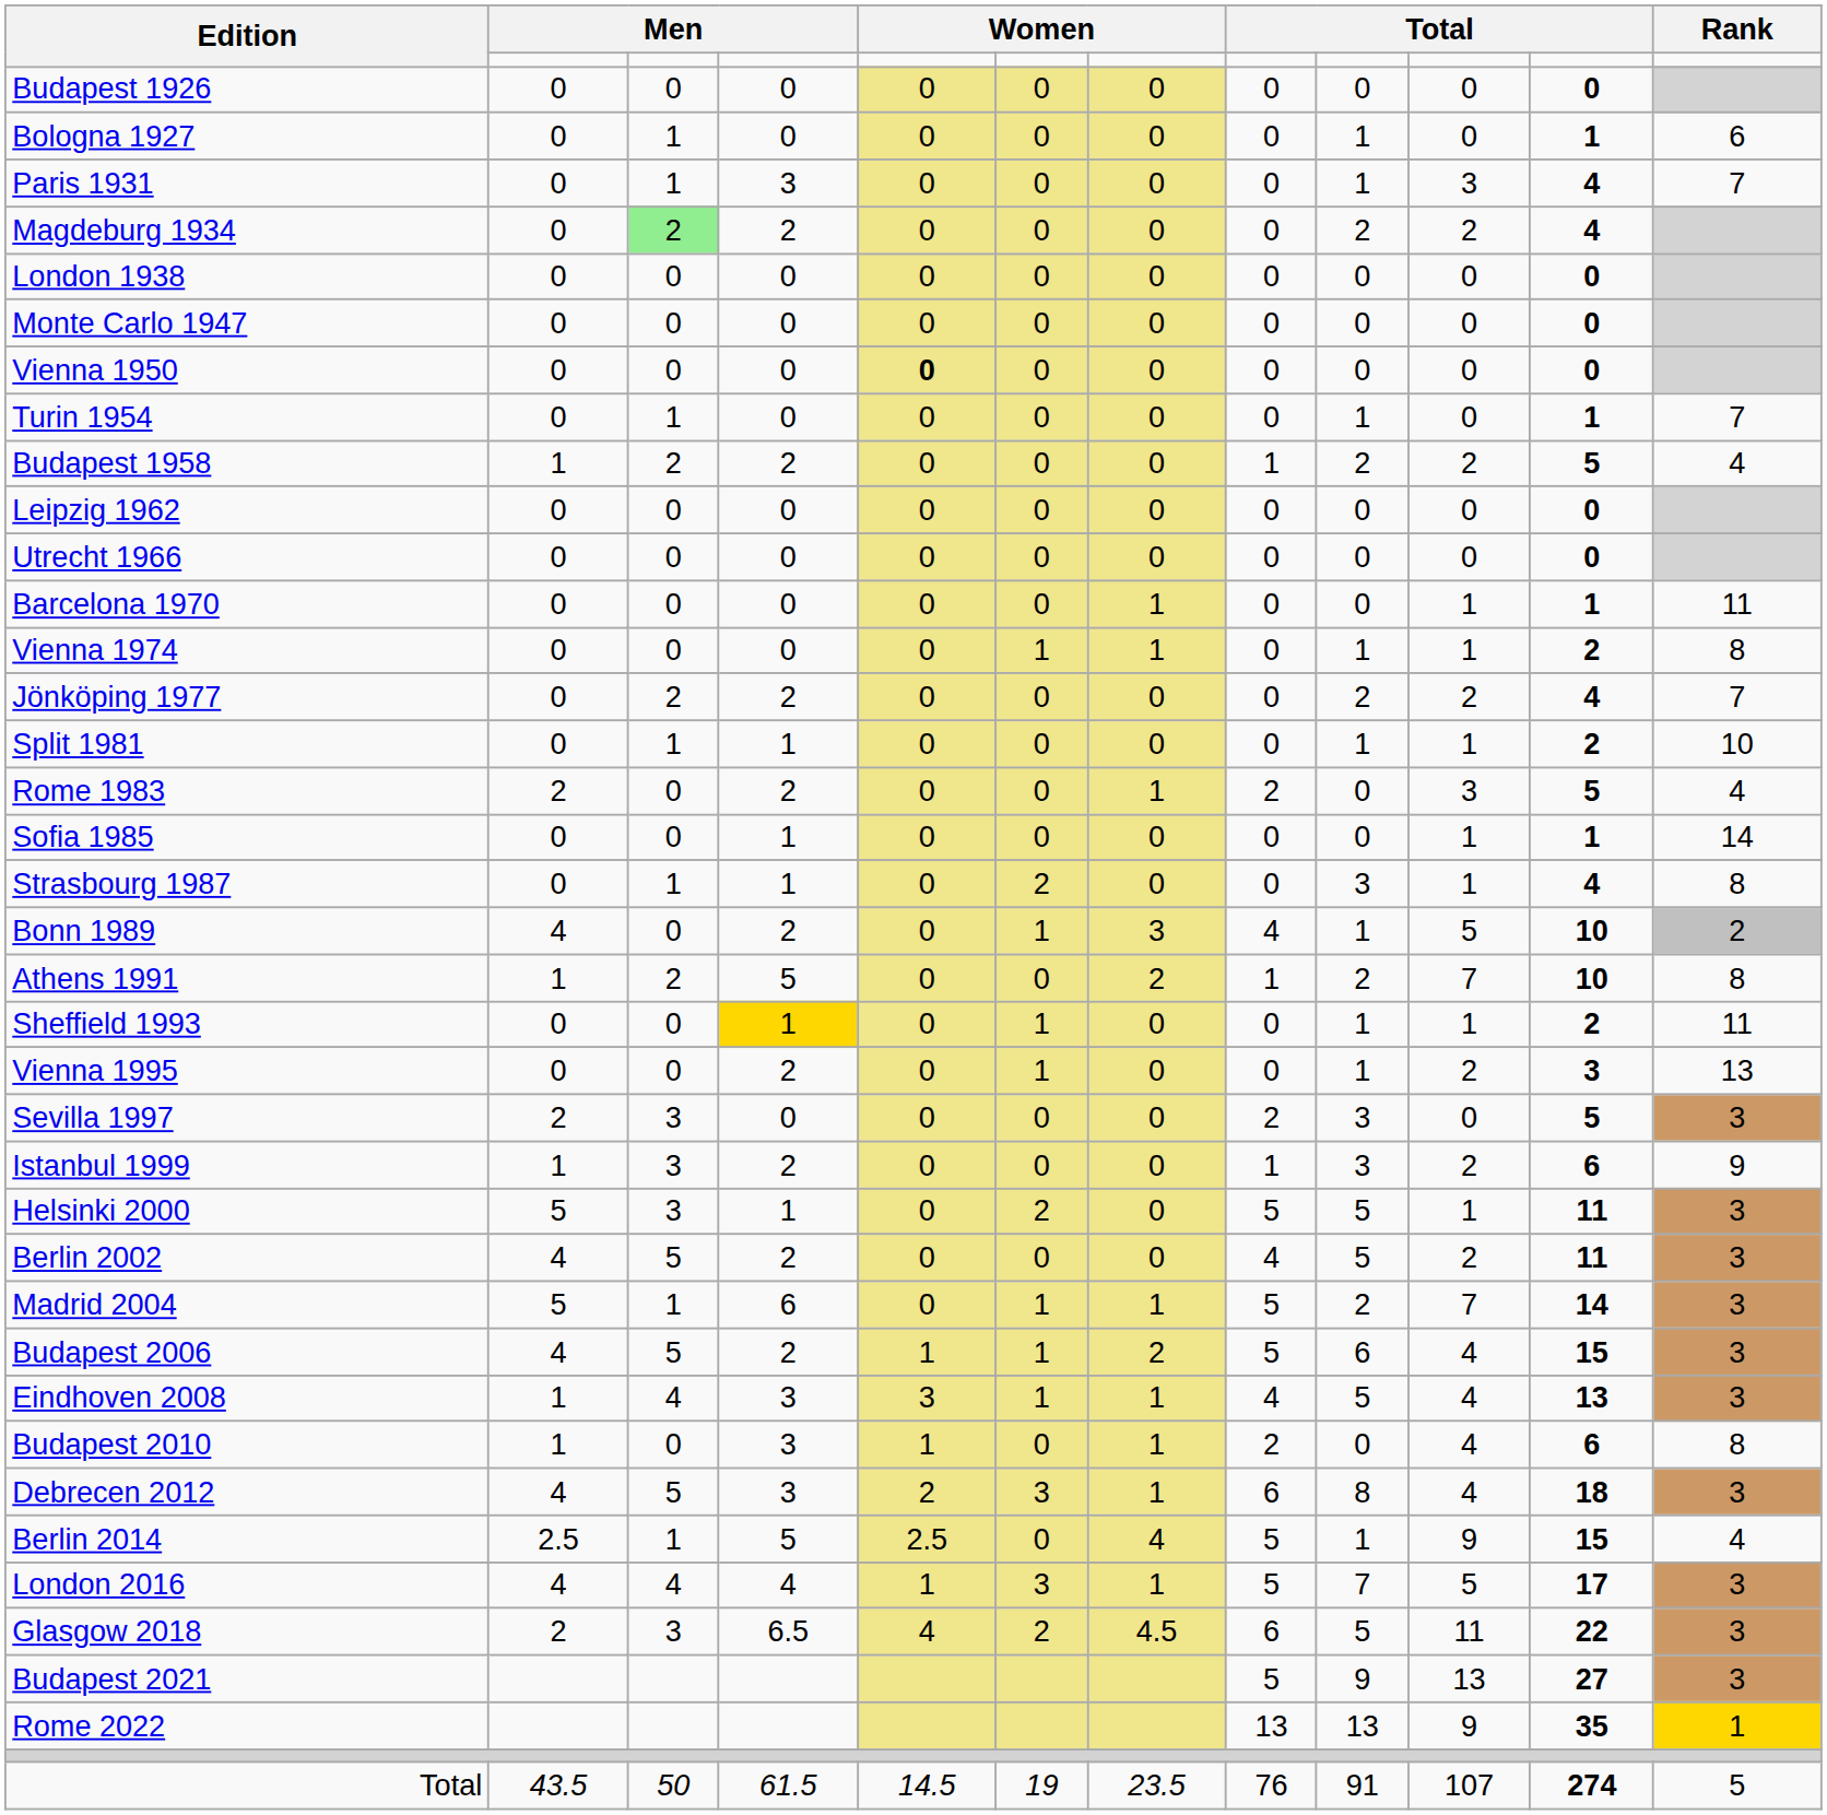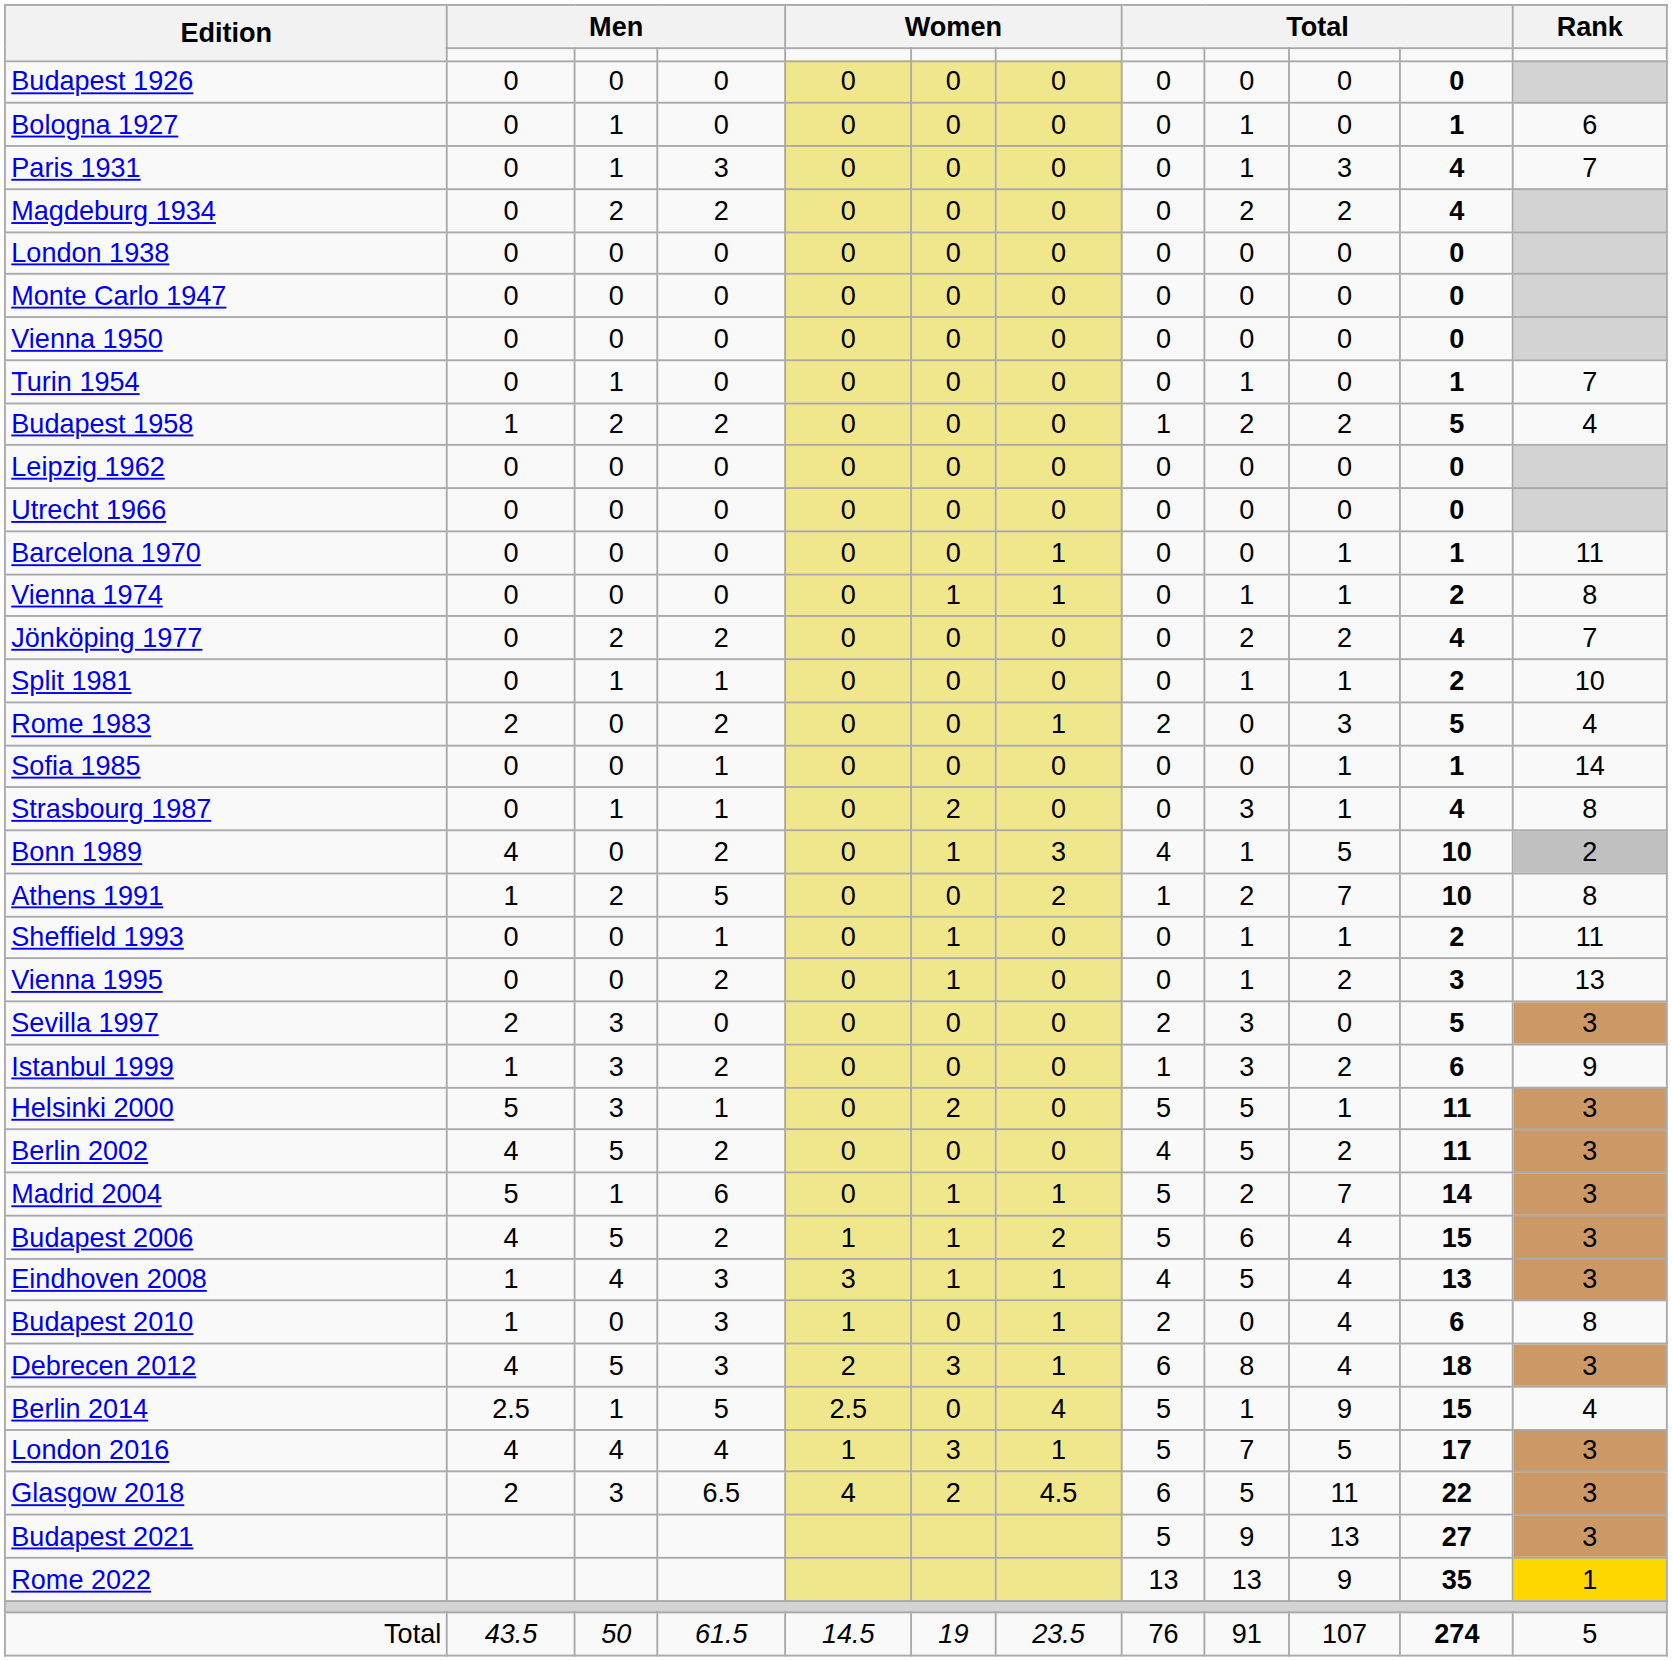 <table class="wikitable" width=70% style="font-size:90%; text-align:center;">
 <tr>
 <th rowspan=2>Edition</th>
 <th colspan=3>Men</th>
 <th colspan=3>Women</th>
 <th colspan=4>Total</th>
 <th>Rank</th>
 </tr>
 <tr>
 <td></td>
 <td></td>
 <td></td>
 <td></td>
 <td></td>
 <td></td>
 <td></td>
 <td></td>
 <td></td>
 <td></td>
 </tr>
 <tr>
 <td align=left> <a href='#'>Budapest 1926</a></td>
 <td>0</td>
 <td>0</td>
 <td>0</td>
 <td bgcolor=Khaki>0</td>
 <td bgcolor=Khaki>0</td>
 <td bgcolor=Khaki>0</td>
 <td>0</td>
 <td>0</td>
 <td>0</td>
 <td><strong>0</strong></td>
 <td bgcolor=lightgrey></td>
 </tr>
 <tr>
 <td align=left> <a href='#'>Bologna 1927</a></td>
 <td>0</td>
 <td>1</td>
 <td>0</td>
 <td bgcolor=Khaki>0</td>
 <td bgcolor=Khaki>0</td>
 <td bgcolor=Khaki>0</td>
 <td>0</td>
 <td>1</td>
 <td>0</td>
 <td><strong>1</strong></td>
 <td>6</td>
 </tr>
 <tr>
 <td align=left> <a href='#'>Paris 1931</a></td>
 <td>0</td>
 <td>1</td>
 <td>3</td>
 <td bgcolor=Khaki>0</td>
 <td bgcolor=Khaki>0</td>
 <td bgcolor=Khaki>0</td>
 <td>0</td>
 <td>1</td>
 <td>3</td>
 <td><strong>4</strong></td>
 <td>7</td>
 </tr>
 <tr>
 <td align=left> <a href='#'>Magdeburg 1934</a></td>
 <td>0</td>
-<td style="background: lightgreen;">2</td>
+<td>2</td>
 <td>2</td>
 <td bgcolor=Khaki>0</td>
 <td bgcolor=Khaki>0</td>
 <td bgcolor=Khaki>0</td>
 <td>0</td>
 <td>2</td>
 <td>2</td>
 <td><strong>4</strong></td>
 <td bgcolor=lightgrey></td>
 </tr>
 <tr>
 <td align=left> <a href='#'>London 1938</a></td>
 <td>0</td>
 <td>0</td>
 <td>0</td>
 <td bgcolor=Khaki>0</td>
 <td bgcolor=Khaki>0</td>
 <td bgcolor=Khaki>0</td>
 <td>0</td>
 <td>0</td>
 <td>0</td>
 <td><strong>0</strong></td>
 <td bgcolor=lightgrey></td>
 </tr>
 <tr>
 <td align=left> <a href='#'>Monte Carlo 1947</a></td>
 <td>0</td>
 <td>0</td>
 <td>0</td>
 <td bgcolor=Khaki>0</td>
 <td bgcolor=Khaki>0</td>
 <td bgcolor=Khaki>0</td>
 <td>0</td>
 <td>0</td>
 <td>0</td>
 <td><strong>0</strong></td>
 <td bgcolor=lightgrey></td>
 </tr>
 <tr>
 <td align=left> <a href='#'>Vienna 1950</a></td>
 <td>0</td>
 <td>0</td>
 <td>0</td>
-<td bgcolor=Khaki><strong>0</strong></td>
+<td bgcolor=Khaki>0</td>
 <td bgcolor=Khaki>0</td>
 <td bgcolor=Khaki>0</td>
 <td>0</td>
 <td>0</td>
 <td>0</td>
 <td><strong>0</strong></td>
 <td bgcolor=lightgrey></td>
 </tr>
 <tr>
 <td align=left> <a href='#'>Turin 1954</a></td>
 <td>0</td>
 <td>1</td>
 <td>0</td>
 <td bgcolor=Khaki>0</td>
 <td bgcolor=Khaki>0</td>
 <td bgcolor=Khaki>0</td>
 <td>0</td>
 <td>1</td>
 <td>0</td>
 <td><strong>1</strong></td>
 <td>7</td>
 </tr>
 <tr>
 <td align=left> <a href='#'>Budapest 1958</a></td>
 <td>1</td>
 <td>2</td>
 <td>2</td>
 <td bgcolor=Khaki>0</td>
 <td bgcolor=Khaki>0</td>
 <td bgcolor=Khaki>0</td>
 <td>1</td>
 <td>2</td>
 <td>2</td>
 <td><strong>5</strong></td>
 <td>4</td>
 </tr>
 <tr>
 <td align=left> <a href='#'>Leipzig 1962</a></td>
 <td>0</td>
 <td>0</td>
 <td>0</td>
 <td bgcolor=Khaki>0</td>
 <td bgcolor=Khaki>0</td>
 <td bgcolor=Khaki>0</td>
 <td>0</td>
 <td>0</td>
 <td>0</td>
 <td><strong>0</strong></td>
 <td bgcolor=lightgrey></td>
 </tr>
 <tr>
 <td align=left> <a href='#'>Utrecht 1966</a></td>
 <td>0</td>
 <td>0</td>
 <td>0</td>
 <td bgcolor=Khaki>0</td>
 <td bgcolor=Khaki>0</td>
 <td bgcolor=Khaki>0</td>
 <td>0</td>
 <td>0</td>
 <td>0</td>
 <td><strong>0</strong></td>
 <td bgcolor=lightgrey></td>
 </tr>
 <tr>
 <td align=left> <a href='#'>Barcelona 1970</a></td>
 <td>0</td>
 <td>0</td>
 <td>0</td>
 <td bgcolor=Khaki>0</td>
 <td bgcolor=Khaki>0</td>
 <td bgcolor=Khaki>1</td>
 <td>0</td>
 <td>0</td>
 <td>1</td>
 <td><strong>1</strong></td>
 <td>11</td>
 </tr>
 <tr>
 <td align=left> <a href='#'>Vienna 1974</a></td>
 <td>0</td>
 <td>0</td>
 <td>0</td>
 <td bgcolor=Khaki>0</td>
 <td bgcolor=Khaki>1</td>
 <td bgcolor=Khaki>1</td>
 <td>0</td>
 <td>1</td>
 <td>1</td>
 <td><strong>2</strong></td>
 <td>8</td>
 </tr>
 <tr>
 <td align=left> <a href='#'>Jönköping 1977</a></td>
 <td>0</td>
 <td>2</td>
 <td>2</td>
 <td bgcolor=Khaki>0</td>
 <td bgcolor=Khaki>0</td>
 <td bgcolor=Khaki>0</td>
 <td>0</td>
 <td>2</td>
 <td>2</td>
 <td><strong>4</strong></td>
 <td>7</td>
 </tr>
 <tr>
 <td align=left> <a href='#'>Split 1981</a></td>
 <td>0</td>
 <td>1</td>
 <td>1</td>
 <td bgcolor=Khaki>0</td>
 <td bgcolor=Khaki>0</td>
 <td bgcolor=Khaki>0</td>
 <td>0</td>
 <td>1</td>
 <td>1</td>
 <td><strong>2</strong></td>
 <td>10</td>
 </tr>
 <tr>
 <td align=left> <a href='#'>Rome 1983</a></td>
 <td>2</td>
 <td>0</td>
 <td>2</td>
 <td bgcolor=Khaki>0</td>
 <td bgcolor=Khaki>0</td>
 <td bgcolor=Khaki>1</td>
 <td>2</td>
 <td>0</td>
 <td>3</td>
 <td><strong>5</strong></td>
 <td>4</td>
 </tr>
 <tr>
 <td align=left> <a href='#'>Sofia 1985</a></td>
 <td>0</td>
 <td>0</td>
 <td>1</td>
 <td bgcolor=Khaki>0</td>
 <td bgcolor=Khaki>0</td>
 <td bgcolor=Khaki>0</td>
 <td>0</td>
 <td>0</td>
 <td>1</td>
 <td><strong>1</strong></td>
 <td>14</td>
 </tr>
 <tr>
 <td align=left> <a href='#'>Strasbourg 1987</a></td>
 <td>0</td>
 <td>1</td>
 <td>1</td>
 <td bgcolor=Khaki>0</td>
 <td bgcolor=Khaki>2</td>
 <td bgcolor=Khaki>0</td>
 <td>0</td>
 <td>3</td>
 <td>1</td>
 <td><strong>4</strong></td>
 <td>8</td>
 </tr>
 <tr>
 <td align=left> <a href='#'>Bonn 1989</a></td>
 <td>4</td>
 <td>0</td>
 <td>2</td>
 <td bgcolor=Khaki>0</td>
 <td bgcolor=Khaki>1</td>
 <td bgcolor=Khaki>3</td>
 <td>4</td>
 <td>1</td>
 <td>5</td>
 <td><strong>10</strong></td>
 <td bgcolor=silver>2</td>
 </tr>
 <tr>
 <td align=left> <a href='#'>Athens 1991</a></td>
 <td>1</td>
 <td>2</td>
 <td>5</td>
 <td bgcolor=Khaki>0</td>
 <td bgcolor=Khaki>0</td>
 <td bgcolor=Khaki>2</td>
 <td>1</td>
 <td>2</td>
 <td>7</td>
 <td><strong>10</strong></td>
 <td>8</td>
 </tr>
 <tr>
 <td align=left> <a href='#'>Sheffield 1993</a></td>
 <td>0</td>
 <td>0</td>
-<td style="background: gold;">1</td>
+<td>1</td>
 <td bgcolor=Khaki>0</td>
 <td bgcolor=Khaki>1</td>
 <td bgcolor=Khaki>0</td>
 <td>0</td>
 <td>1</td>
 <td>1</td>
 <td><strong>2</strong></td>
 <td>11</td>
 </tr>
 <tr>
 <td align=left> <a href='#'>Vienna 1995</a></td>
 <td>0</td>
 <td>0</td>
 <td>2</td>
 <td bgcolor=Khaki>0</td>
 <td bgcolor=Khaki>1</td>
 <td bgcolor=Khaki>0</td>
 <td>0</td>
 <td>1</td>
 <td>2</td>
 <td><strong>3</strong></td>
 <td>13</td>
 </tr>
 <tr>
 <td align=left> <a href='#'>Sevilla 1997</a></td>
 <td>2</td>
 <td>3</td>
 <td>0</td>
 <td bgcolor=Khaki>0</td>
 <td bgcolor=Khaki>0</td>
 <td bgcolor=Khaki>0</td>
 <td>2</td>
 <td>3</td>
 <td>0</td>
 <td><strong>5</strong></td>
 <td bgcolor=cc9966>3</td>
 </tr>
 <tr>
 <td align=left> <a href='#'>Istanbul 1999</a></td>
 <td>1</td>
 <td>3</td>
 <td>2</td>
 <td bgcolor=Khaki>0</td>
 <td bgcolor=Khaki>0</td>
 <td bgcolor=Khaki>0</td>
 <td>1</td>
 <td>3</td>
 <td>2</td>
 <td><strong>6</strong></td>
 <td>9</td>
 </tr>
 <tr>
 <td align=left> <a href='#'>Helsinki 2000</a></td>
 <td>5</td>
 <td>3</td>
 <td>1</td>
 <td bgcolor=Khaki>0</td>
 <td bgcolor=Khaki>2</td>
 <td bgcolor=Khaki>0</td>
 <td>5</td>
 <td>5</td>
 <td>1</td>
 <td><strong>11</strong></td>
 <td bgcolor=cc9966>3</td>
 </tr>
 <tr>
 <td align=left> <a href='#'>Berlin 2002</a></td>
 <td>4</td>
 <td>5</td>
 <td>2</td>
 <td bgcolor=Khaki>0</td>
 <td bgcolor=Khaki>0</td>
 <td bgcolor=Khaki>0</td>
 <td>4</td>
 <td>5</td>
 <td>2</td>
 <td><strong>11</strong></td>
 <td bgcolor=cc9966>3</td>
 </tr>
 <tr>
 <td align=left> <a href='#'>Madrid 2004</a></td>
 <td>5</td>
 <td>1</td>
 <td>6</td>
 <td bgcolor=Khaki>0</td>
 <td bgcolor=Khaki>1</td>
 <td bgcolor=Khaki>1</td>
 <td>5</td>
 <td>2</td>
 <td>7</td>
 <td><strong>14</strong></td>
 <td bgcolor=cc9966>3</td>
 </tr>
 <tr>
 <td align=left> <a href='#'>Budapest 2006</a></td>
 <td>4</td>
 <td>5</td>
 <td>2</td>
 <td bgcolor=Khaki>1</td>
 <td bgcolor=Khaki>1</td>
 <td bgcolor=Khaki>2</td>
 <td>5</td>
 <td>6</td>
 <td>4</td>
 <td><strong>15</strong></td>
 <td bgcolor=cc9966>3</td>
 </tr>
 <tr>
 <td align=left> <a href='#'>Eindhoven 2008</a></td>
 <td>1</td>
 <td>4</td>
 <td>3</td>
 <td bgcolor=Khaki>3</td>
 <td bgcolor=Khaki>1</td>
 <td bgcolor=Khaki>1</td>
 <td>4</td>
 <td>5</td>
 <td>4</td>
 <td><strong>13</strong></td>
 <td bgcolor=cc9966>3</td>
 </tr>
 <tr>
 <td align=left> <a href='#'>Budapest 2010</a></td>
 <td>1</td>
 <td>0</td>
 <td>3</td>
 <td bgcolor=Khaki>1</td>
 <td bgcolor=Khaki>0</td>
 <td bgcolor=Khaki>1</td>
 <td>2</td>
 <td>0</td>
 <td>4</td>
 <td><strong>6</strong></td>
 <td>8</td>
 </tr>
 <tr>
 <td align=left> <a href='#'>Debrecen 2012</a></td>
 <td>4</td>
 <td>5</td>
 <td>3</td>
 <td bgcolor=Khaki>2</td>
 <td bgcolor=Khaki>3</td>
 <td bgcolor=Khaki>1</td>
 <td>6</td>
 <td>8</td>
 <td>4</td>
 <td><strong>18</strong></td>
 <td bgcolor=cc9966>3</td>
 </tr>
 <tr>
 <td align=left> <a href='#'>Berlin 2014</a></td>
 <td>2.5</td>
 <td>1</td>
 <td>5</td>
 <td bgcolor=Khaki>2.5</td>
 <td bgcolor=Khaki>0</td>
 <td bgcolor=Khaki>4</td>
 <td>5</td>
 <td>1</td>
 <td>9</td>
 <td><strong>15</strong></td>
 <td>4</td>
 </tr>
 <tr>
 <td align=left> <a href='#'>London 2016</a></td>
 <td>4</td>
 <td>4</td>
 <td>4</td>
 <td bgcolor=Khaki>1</td>
 <td bgcolor=Khaki>3</td>
 <td bgcolor=Khaki>1</td>
 <td>5</td>
 <td>7</td>
 <td>5</td>
 <td><strong>17</strong></td>
 <td bgcolor=cc9966>3</td>
 </tr>
 <tr>
 <td align=left> <a href='#'>Glasgow 2018</a></td>
 <td>2</td>
 <td>3</td>
 <td>6.5</td>
 <td bgcolor=Khaki>4</td>
 <td bgcolor=Khaki>2</td>
 <td bgcolor=Khaki>4.5</td>
 <td>6</td>
 <td>5</td>
 <td>11</td>
 <td><strong>22</strong></td>
 <td bgcolor=cc9966>3</td>
 </tr>
 <tr>
 <td align=left> <a href='#'>Budapest 2021</a></td>
 <td></td>
 <td></td>
 <td></td>
 <td bgcolor=Khaki></td>
 <td bgcolor=Khaki></td>
 <td bgcolor=Khaki></td>
 <td>5</td>
 <td>9</td>
 <td>13</td>
 <td><strong>27</strong></td>
 <td bgcolor=cc9966>3</td>
 </tr>
 <tr>
 <td align=left> <a href='#'>Rome 2022</a></td>
 <td></td>
 <td></td>
 <td></td>
 <td bgcolor=Khaki></td>
 <td bgcolor=Khaki></td>
 <td bgcolor=Khaki></td>
 <td>13</td>
 <td>13</td>
 <td>9</td>
 <td><strong>35</strong></td>
 <td bgcolor=gold>1</td>
 </tr>
 <tr bgcolor=lightgrey>
 <td colspan=12></td>
 </tr>
 <tr>
 <td align=right>Total</td>
 <td><em>43.5</em></td>
 <td><em>50</em></td>
 <td><em>61.5</em></td>
 <td><em>14.5</em></td>
 <td><em>19</em></td>
 <td><em>23.5</em></td>
 <td>76</td>
 <td>91</td>
 <td>107</td>
 <td><strong>274</strong></td>
 <td>5</td>
 </tr>
 </table>
